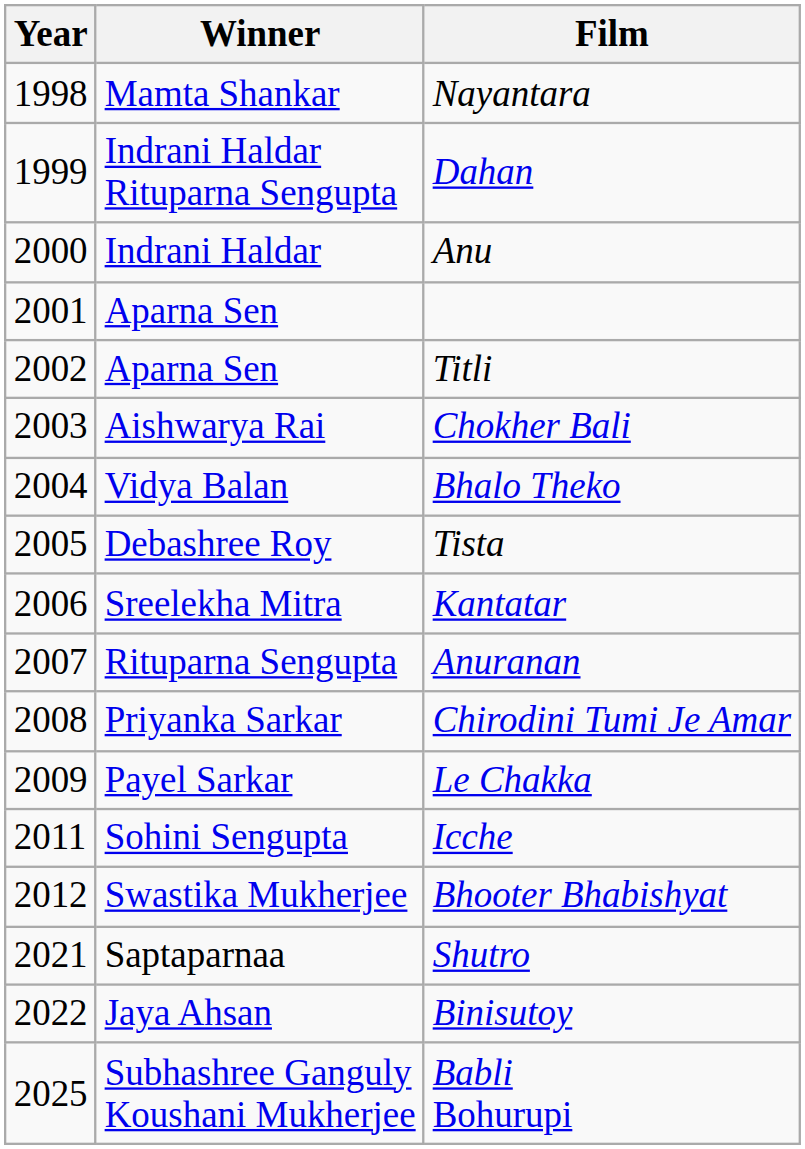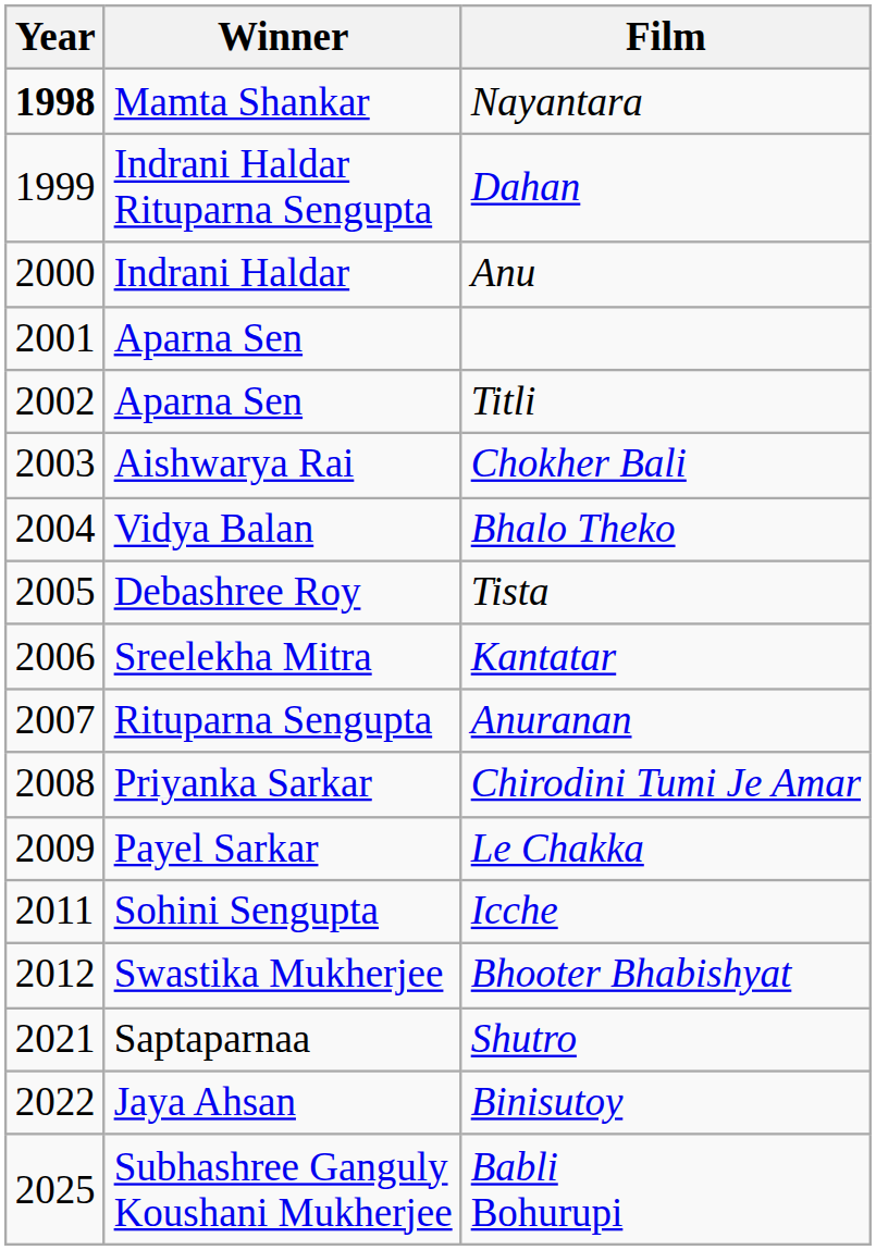 <table class="wikitable">
 <tr>
 <th>Year</th>
 <th>Winner</th>
 <th>Film</th>
 </tr>
 <tr>
-<td>1998</td>
+<td><strong>1998</strong></td>
 <td><a href='#'>Mamta Shankar</a></td>
 <td><em>Nayantara</em></td>
 </tr>
 <tr>
 <td>1999</td>
 <td><a href='#'>Indrani Haldar</a> <br><a href='#'>Rituparna Sengupta</a></td>
 <td><em><a href='#'>Dahan</a></em></td>
 </tr>
 <tr>
 <td>2000</td>
 <td><a href='#'>Indrani Haldar</a></td>
 <td><em>Anu</em></td>
 </tr>
 <tr>
 <td>2001</td>
 <td><a href='#'>Aparna Sen</a></td>
 <td></td>
 </tr>
 <tr>
 <td>2002</td>
 <td><a href='#'>Aparna Sen</a></td>
 <td><em>Titli</em></td>
 </tr>
 <tr>
 <td>2003</td>
 <td><a href='#'>Aishwarya Rai</a></td>
 <td><em><a href='#'>Chokher Bali</a></em></td>
 </tr>
 <tr>
 <td>2004</td>
 <td><a href='#'>Vidya Balan</a></td>
 <td><em><a href='#'>Bhalo Theko</a></em></td>
 </tr>
 <tr>
 <td>2005</td>
 <td><a href='#'>Debashree Roy</a></td>
 <td><em>Tista</em></td>
 </tr>
 <tr>
 <td>2006</td>
 <td><a href='#'>Sreelekha Mitra</a></td>
 <td><em><a href='#'>Kantatar</a></em></td>
 </tr>
 <tr>
 <td>2007</td>
 <td><a href='#'>Rituparna Sengupta</a></td>
 <td><em><a href='#'>Anuranan</a></em></td>
 </tr>
 <tr>
 <td>2008</td>
 <td><a href='#'>Priyanka Sarkar</a></td>
 <td><em><a href='#'>Chirodini Tumi Je Amar</a></em></td>
 </tr>
 <tr>
 <td>2009</td>
 <td><a href='#'>Payel Sarkar</a></td>
 <td><em><a href='#'>Le Chakka</a></em></td>
 </tr>
 <tr>
 <td>2011</td>
 <td><a href='#'>Sohini Sengupta</a></td>
 <td><em><a href='#'>Icche</a></em></td>
 </tr>
 <tr>
 <td>2012</td>
 <td><a href='#'>Swastika Mukherjee</a></td>
 <td><em><a href='#'>Bhooter Bhabishyat</a></em></td>
 </tr>
 <tr>
 <td>2021</td>
 <td>Saptaparnaa</td>
 <td><em><a href='#'>Shutro</a></em></td>
 </tr>
 <tr>
 <td>2022</td>
 <td><a href='#'>Jaya Ahsan</a></td>
 <td><em><a href='#'>Binisutoy</a></em></td>
 </tr>
 <tr>
 <td>2025</td>
 <td><a href='#'>Subhashree Ganguly</a> <br><a href='#'>Koushani Mukherjee</a></td>
 <td><em><a href='#'>Babli</a></em> <br><a href='#'>Bohurupi</a></td>
 </tr>
 <tr>
 </tr>
 </table>
